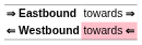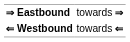 <table table border=0 cellspacing=0 cellpadding=3>
 <tr>
 <td style="border-top:solid 1px gray;"><span><strong>⇒</strong></span> <strong>Eastbound</strong></td>
 <td style="border-top:solid 1px gray;">towards  <span><strong>⇒</strong></span></td>
 </tr>
 <tr>
 </tr>
 <tr>
 <td style="border-bottom:solid 1px gray;"><span><strong>⇐</strong></span> <strong>Westbound</strong></td>
-<td style="background: pink; border-bottom:solid 1px gray;">towards  <span><strong>⇐</strong></span></td>
+<td style="border-bottom:solid 1px gray;">towards  <span><strong>⇐</strong></span></td>
 </tr>
 <tr>
 </tr>
 </table>
